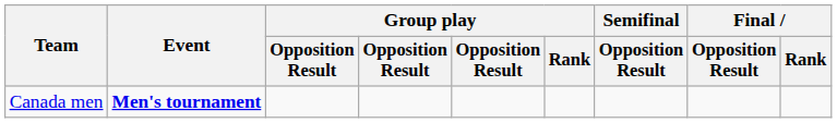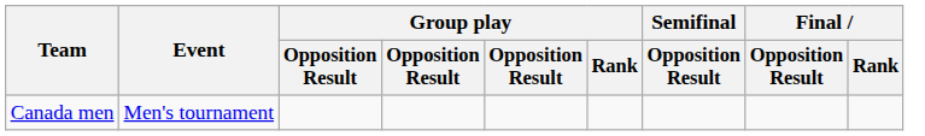 <table class=wikitable style=font-size:90%;text-align:center>
 <tr>
 <th rowspan=2>Team</th>
 <th rowspan=2>Event</th>
 <th colspan=4>Group play</th>
 <th>Semifinal</th>
 <th colspan=2>Final / </th>
 </tr>
 <tr style=font-size:95%>
 <th>Opposition<br>Result</th>
 <th>Opposition<br>Result</th>
 <th>Opposition<br>Result</th>
 <th>Rank</th>
 <th>Opposition<br>Result</th>
 <th>Opposition<br>Result</th>
 <th>Rank</th>
 </tr>
 <tr>
 <td align=left><a href='#'>Canada men</a></td>
-<td align=left><strong><a href='#'>Men's tournament</a></strong></td>
+<td align=left><a href='#'>Men's tournament</a></td>
 <td></td>
 <td></td>
 <td></td>
 <td></td>
 <td></td>
 <td></td>
 <td></td>
 </tr>
 </table>
